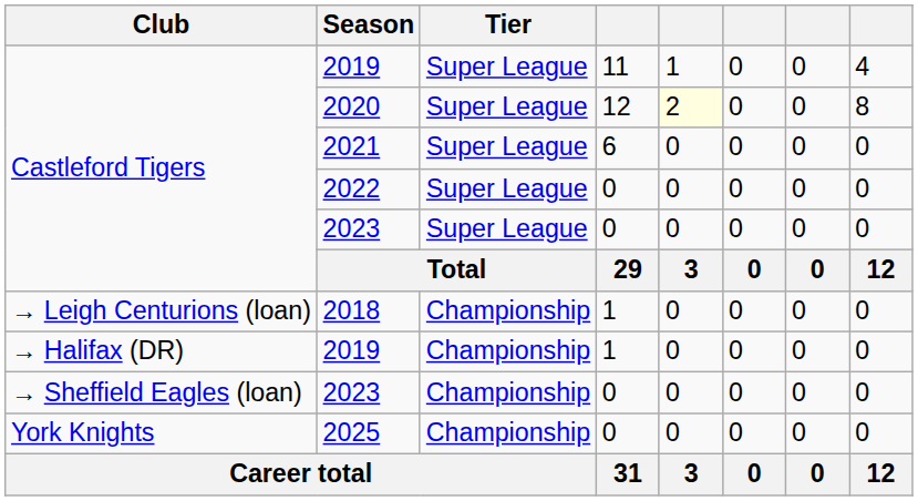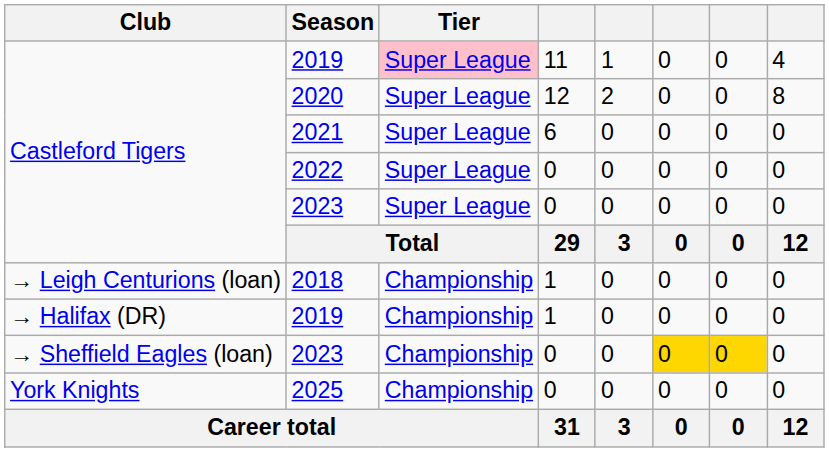 <table class="wikitable defaultcenter">
 <tr>
 <th>Club</th>
 <th>Season</th>
 <th>Tier</th>
 <th style="width:2em;"></th>
 <th style="width:2em;"></th>
 <th style="width:2em;"></th>
 <th style="width:2em;"></th>
 <th style="width:2em;"></th>
 </tr>
 <tr>
 <td rowspan="6" style="text-align:left;"> <a href='#'>Castleford Tigers</a></td>
 <td><a href='#'>2019</a></td>
-<td><a href='#'>Super League</a></td>
+<td style="background: pink;"><a href='#'>Super League</a></td>
 <td>11</td>
 <td>1</td>
 <td>0</td>
 <td>0</td>
 <td>4</td>
 </tr>
 <tr>
 <td><a href='#'>2020</a></td>
 <td><a href='#'>Super League</a></td>
 <td>12</td>
-<td style="background: lightyellow;">2</td>
+<td>2</td>
 <td>0</td>
 <td>0</td>
 <td>8</td>
 </tr>
 <tr>
 <td><a href='#'>2021</a></td>
 <td><a href='#'>Super League</a></td>
 <td>6</td>
 <td>0</td>
 <td>0</td>
 <td>0</td>
 <td>0</td>
 </tr>
 <tr>
 <td><a href='#'>2022</a></td>
 <td><a href='#'>Super League</a></td>
 <td>0</td>
 <td>0</td>
 <td>0</td>
 <td>0</td>
 <td>0</td>
 </tr>
 <tr>
 <td><a href='#'>2023</a></td>
 <td><a href='#'>Super League</a></td>
 <td>0</td>
 <td>0</td>
 <td>0</td>
 <td>0</td>
 <td>0</td>
 </tr>
 <tr>
 <th colspan="2">Total</th>
 <th>29</th>
 <th>3</th>
 <th>0</th>
 <th>0</th>
 <th>12</th>
 </tr>
 <tr>
 <td style="text-align:left;">→  <a href='#'>Leigh Centurions</a> (loan)</td>
 <td><a href='#'>2018</a></td>
 <td><a href='#'>Championship</a></td>
 <td>1</td>
 <td>0</td>
 <td>0</td>
 <td>0</td>
 <td>0</td>
 </tr>
 <tr>
 <td style="text-align:left;">→  <a href='#'>Halifax</a> (DR)</td>
 <td><a href='#'>2019</a></td>
 <td><a href='#'>Championship</a></td>
 <td>1</td>
 <td>0</td>
 <td>0</td>
 <td>0</td>
 <td>0</td>
 </tr>
 <tr>
 <td style="text-align:left;">→  <a href='#'>Sheffield Eagles</a> (loan)</td>
 <td><a href='#'>2023</a></td>
 <td><a href='#'>Championship</a></td>
 <td>0</td>
 <td>0</td>
-<td>0</td>
-<td>0</td>
+<td style="background: gold;">0</td>
+<td style="background: gold;">0</td>
 <td>0</td>
 </tr>
 <tr>
 <td style="text-align:left;"> <a href='#'>York Knights</a></td>
 <td><a href='#'>2025</a></td>
 <td><a href='#'>Championship</a></td>
 <td>0</td>
 <td>0</td>
 <td>0</td>
 <td>0</td>
 <td>0</td>
 </tr>
 <tr>
 <th colspan="3">Career total</th>
 <th>31</th>
 <th>3</th>
 <th>0</th>
 <th>0</th>
 <th>12</th>
 </tr>
 </table>
